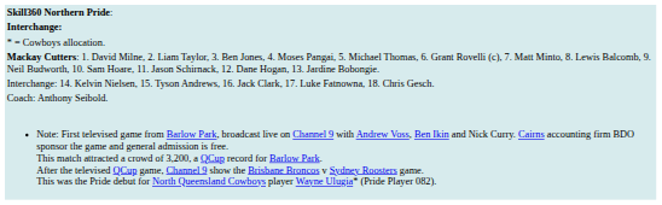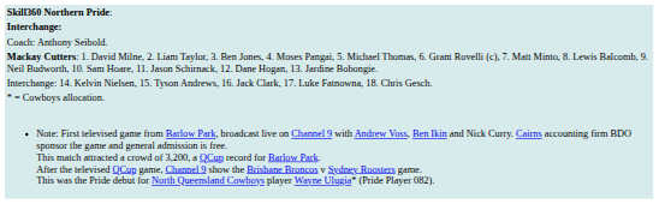 <table style="background:#d7ebed; font-size:85%; width:100%;">
 <tr>
 <td><strong>Skill360 Northern Pride</strong>:             </td>
 </tr>
 <tr>
 <td><strong>Interchange:    </strong></td>
 </tr>
 <tr>
-<td>* = Cowboys allocation.</td>
+<td>Coach: Anthony Seibold.</td>
 </tr>
 <tr>
 <td><strong>Mackay Cutters</strong>: 1. David Milne, 2. Liam Taylor, 3. Ben Jones, 4. Moses Pangai, 5. Michael Thomas, 6. Grant Rovelli (c), 7. Matt Minto, 8. Lewis Balcomb, 9. Neil Budworth, 10. Sam Hoare, 11. Jason Schirnack, 12. Dane Hogan, 13. Jardine Bobongie.</td>
 </tr>
 <tr>
 <td>Interchange: 14. Kelvin Nielsen, 15. Tyson Andrews, 16. Jack Clark, 17. Luke Fatnowna, 18. Chris Gesch.</td>
 </tr>
 <tr>
-<td>Coach: Anthony Seibold.</td>
+<td>* = Cowboys allocation.</td>
 </tr>
 <tr>
 <td><br><ul><li>Note: First televised game from <a href='#'>Barlow Park</a>, broadcast live on <a href='#'>Channel 9</a> with <a href='#'>Andrew Voss</a>, <a href='#'>Ben Ikin</a> and Nick Curry. <a href='#'>Cairns</a> accounting firm BDO sponsor the game and general admission is free.<br>This match attracted a crowd of 3,200, a <a href='#'>QCup</a> record for <a href='#'>Barlow Park</a>.<br>After the televised <a href='#'>QCup</a> game, <a href='#'>Channel 9</a> show the <a href='#'>Brisbane Broncos</a> v <a href='#'>Sydney Roosters</a> game.<br>This was the Pride debut for <a href='#'>North Queensland Cowboys</a> player <a href='#'>Wayne Ulugia</a>* (Pride Player 082).</li></ul></td>
 </tr>
 </table>
